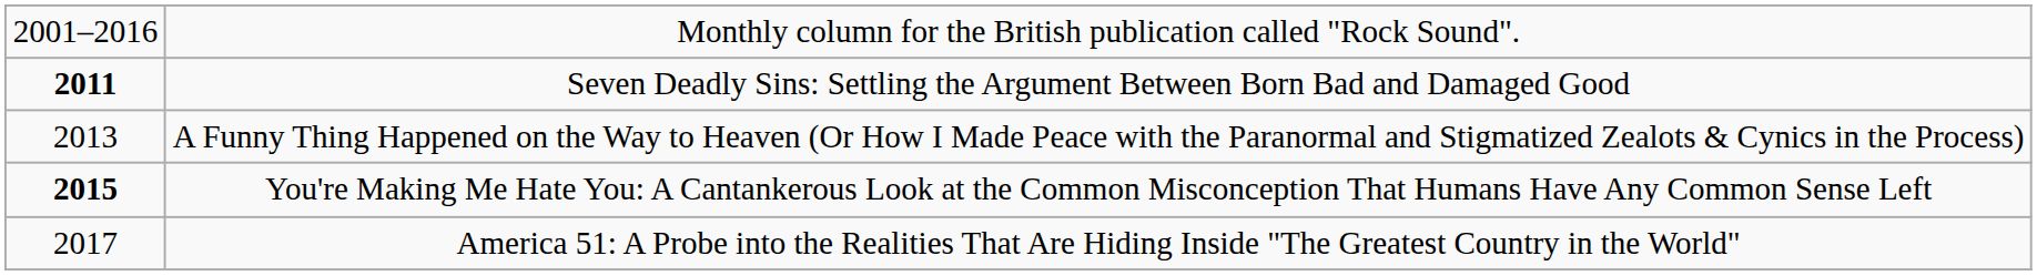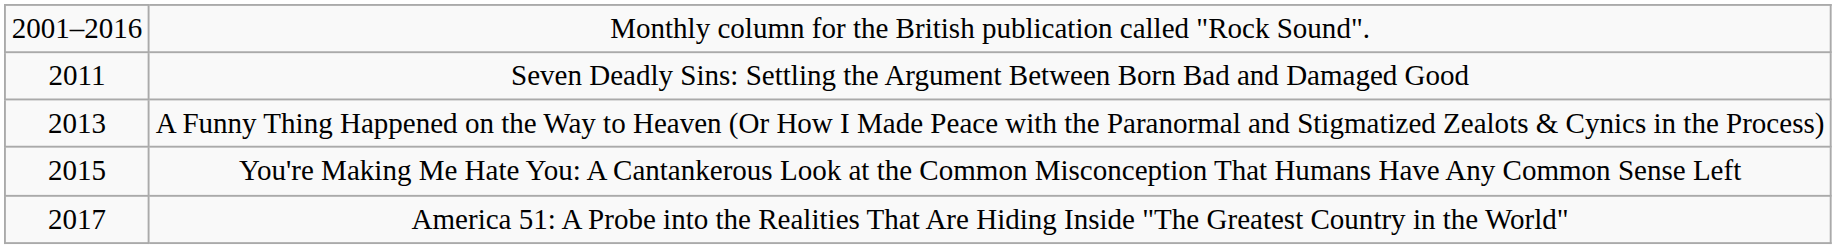 <table class="wikitable" style="font-size: 96%; text-align: center;">
 <tr>
 <td>2001–2016</td>
 <td>Monthly column for the British publication called "Rock Sound".</td>
 </tr>
 <tr>
-<td><strong>2011</strong></td>
+<td>2011</td>
 <td>Seven Deadly Sins: Settling the Argument Between Born Bad and Damaged Good</td>
 </tr>
 <tr>
 <td>2013</td>
 <td>A Funny Thing Happened on the Way to Heaven (Or How I Made Peace with the Paranormal and Stigmatized Zealots & Cynics in the Process)</td>
 </tr>
 <tr>
-<td><strong>2015</strong></td>
+<td>2015</td>
 <td>You're Making Me Hate You: A Cantankerous Look at the Common Misconception That Humans Have Any Common Sense Left</td>
 </tr>
 <tr>
 <td>2017</td>
 <td>America 51: A Probe into the Realities That Are Hiding Inside "The Greatest Country in the World"</td>
 </tr>
 </table>
